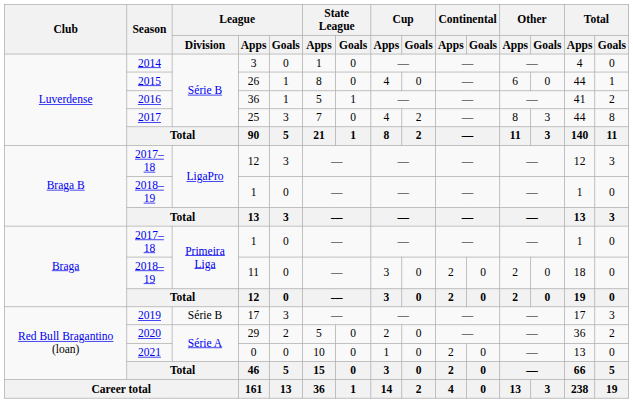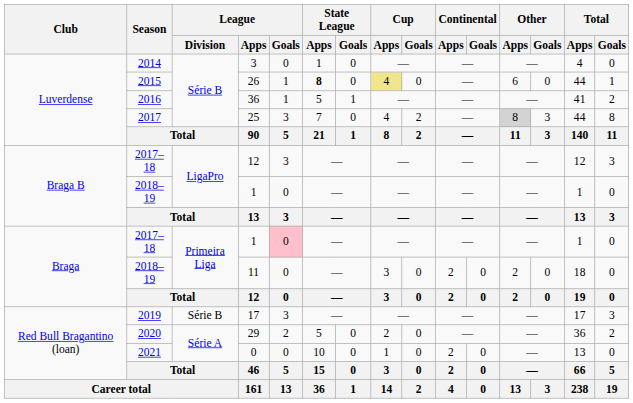 <table class="wikitable" style="text-align: center;">
 <tr>
 <th rowspan="2">Club</th>
 <th rowspan="2">Season</th>
 <th colspan="3">League</th>
 <th colspan="2">State League</th>
 <th colspan="2">Cup</th>
 <th colspan="2">Continental</th>
 <th colspan="2">Other</th>
 <th colspan="2">Total</th>
 </tr>
 <tr>
 <th>Division</th>
 <th>Apps</th>
 <th>Goals</th>
 <th>Apps</th>
 <th>Goals</th>
 <th>Apps</th>
 <th>Goals</th>
 <th>Apps</th>
 <th>Goals</th>
 <th>Apps</th>
 <th>Goals</th>
 <th>Apps</th>
 <th>Goals</th>
 </tr>
 <tr>
 <td rowspan="5" valign="center"><a href='#'>Luverdense</a></td>
 <td><a href='#'>2014</a></td>
 <td rowspan="4"><a href='#'>Série B</a></td>
 <td>3</td>
 <td>0</td>
 <td>1</td>
 <td>0</td>
 <td colspan="2">—</td>
 <td colspan="2">—</td>
 <td colspan="2">—</td>
 <td>4</td>
 <td>0</td>
 </tr>
 <tr>
 <td><a href='#'>2015</a></td>
 <td>26</td>
 <td>1</td>
-<td>8</td>
+<td><strong>8</strong></td>
 <td>0</td>
-<td>4</td>
+<td style="background: khaki;">4</td>
 <td>0</td>
 <td colspan="2">—</td>
 <td>6</td>
 <td>0</td>
 <td>44</td>
 <td>1</td>
 </tr>
 <tr>
 <td><a href='#'>2016</a></td>
 <td>36</td>
 <td>1</td>
 <td>5</td>
 <td>1</td>
 <td colspan="2">—</td>
 <td colspan="2">—</td>
 <td colspan="2">—</td>
 <td>41</td>
 <td>2</td>
 </tr>
 <tr>
 <td><a href='#'>2017</a></td>
 <td>25</td>
 <td>3</td>
 <td>7</td>
 <td>0</td>
 <td>4</td>
 <td>2</td>
 <td colspan="2">—</td>
-<td>8</td>
+<td style="background: lightgrey;">8</td>
 <td>3</td>
 <td>44</td>
 <td>8</td>
 </tr>
 <tr>
 <th colspan="2">Total</th>
 <th>90</th>
 <th>5</th>
 <th>21</th>
 <th>1</th>
 <th>8</th>
 <th>2</th>
 <th colspan="2">—</th>
 <th>11</th>
 <th>3</th>
 <th>140</th>
 <th>11</th>
 </tr>
 <tr>
 <td rowspan="3" valign="center"><a href='#'>Braga B</a></td>
 <td><a href='#'>2017–18</a></td>
 <td rowspan="2"><a href='#'>LigaPro</a></td>
 <td>12</td>
 <td>3</td>
 <td colspan="2">—</td>
 <td colspan="2">—</td>
 <td colspan="2">—</td>
 <td colspan="2">—</td>
 <td>12</td>
 <td>3</td>
 </tr>
 <tr>
 <td><a href='#'>2018–19</a></td>
 <td>1</td>
 <td>0</td>
 <td colspan="2">—</td>
 <td colspan="2">—</td>
 <td colspan="2">—</td>
 <td colspan="2">—</td>
 <td>1</td>
 <td>0</td>
 </tr>
 <tr>
 <th colspan="2">Total</th>
 <th>13</th>
 <th>3</th>
 <th colspan="2">—</th>
 <th colspan="2">—</th>
 <th colspan="2">—</th>
 <th colspan="2">—</th>
 <th>13</th>
 <th>3</th>
 </tr>
 <tr>
 <td rowspan="3" valign="center"><a href='#'>Braga</a></td>
 <td><a href='#'>2017–18</a></td>
 <td rowspan="2"><a href='#'>Primeira Liga</a></td>
 <td>1</td>
-<td>0</td>
+<td style="background: pink;">0</td>
 <td colspan="2">—</td>
 <td colspan="2">—</td>
 <td colspan="2">—</td>
 <td colspan="2">—</td>
 <td>1</td>
 <td>0</td>
 </tr>
 <tr>
 <td><a href='#'>2018–19</a></td>
 <td>11</td>
 <td>0</td>
 <td colspan="2">—</td>
 <td>3</td>
 <td>0</td>
 <td>2</td>
 <td>0</td>
 <td>2</td>
 <td>0</td>
 <td>18</td>
 <td>0</td>
 </tr>
 <tr>
 <th colspan="2">Total</th>
 <th>12</th>
 <th>0</th>
 <th colspan="2">—</th>
 <th>3</th>
 <th>0</th>
 <th>2</th>
 <th>0</th>
 <th>2</th>
 <th>0</th>
 <th>19</th>
 <th>0</th>
 </tr>
 <tr>
 <td rowspan="4" valign="center"><a href='#'>Red Bull Bragantino</a> (loan)</td>
 <td><a href='#'>2019</a></td>
 <td>Série B</td>
 <td>17</td>
 <td>3</td>
 <td colspan="2">—</td>
 <td colspan="2">—</td>
 <td colspan="2">—</td>
 <td colspan="2">—</td>
 <td>17</td>
 <td>3</td>
 </tr>
 <tr>
 <td><a href='#'>2020</a></td>
 <td rowspan="2"><a href='#'>Série A</a></td>
 <td>29</td>
 <td>2</td>
 <td>5</td>
 <td>0</td>
 <td>2</td>
 <td>0</td>
 <td colspan="2">—</td>
 <td colspan="2">—</td>
 <td>36</td>
 <td>2</td>
 </tr>
 <tr>
 <td><a href='#'>2021</a></td>
 <td>0</td>
 <td>0</td>
 <td>10</td>
 <td>0</td>
 <td>1</td>
 <td>0</td>
 <td>2</td>
 <td>0</td>
 <td colspan="2">—</td>
 <td>13</td>
 <td>0</td>
 </tr>
 <tr>
 <th colspan="2">Total</th>
 <th>46</th>
 <th>5</th>
 <th>15</th>
 <th>0</th>
 <th>3</th>
 <th>0</th>
 <th>2</th>
 <th>0</th>
 <th colspan="2">—</th>
 <th>66</th>
 <th>5</th>
 </tr>
 <tr>
 <th colspan="3"><strong>Career total</strong></th>
 <th>161</th>
 <th>13</th>
 <th>36</th>
 <th>1</th>
 <th>14</th>
 <th>2</th>
 <th>4</th>
 <th>0</th>
 <th>13</th>
 <th>3</th>
 <th>238</th>
 <th>19</th>
 </tr>
 </table>
